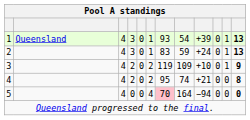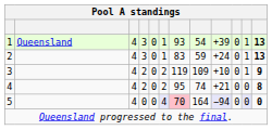 <table class="wikitable" style="text-align:center; font-size:100%;">
 <tr>
 <th colspan="100%" cellpadding="0" cellspacing="0"><strong>Pool A standings</strong></th>
 </tr>
 <tr>
 <th style="padding-right:1px;"></th>
 <th style="width:12em;"></th>
 <th></th>
 <th></th>
 <th></th>
 <th></th>
 <th></th>
 <th></th>
 <th></th>
 <th></th>
 <th></th>
 <th><br></th>
 </tr>
 <tr style="background:#E8FFD8;">
 <td>1</td>
 <td align=left> <a href='#'>Queensland</a></td>
 <td>4</td>
 <td>3</td>
 <td>0</td>
 <td>1</td>
 <td>93</td>
 <td>54</td>
 <td>+39</td>
 <td>0</td>
 <td>1</td>
 <td><strong>13</strong></td>
 </tr>
 <tr>
 <td>2</td>
 <td align=left></td>
 <td>4</td>
 <td>3</td>
 <td>0</td>
 <td>1</td>
 <td>83</td>
 <td>59</td>
 <td>+24</td>
 <td>0</td>
 <td>1</td>
 <td><strong>13</strong></td>
 </tr>
 <tr>
 <td>3</td>
 <td align=left></td>
 <td>4</td>
 <td>2</td>
 <td>0</td>
 <td>2</td>
 <td>119</td>
 <td>109</td>
 <td>+10</td>
 <td>0</td>
 <td>1</td>
 <td><strong>9</strong></td>
 </tr>
 <tr>
 <td>4</td>
 <td align=left></td>
 <td>4</td>
 <td>2</td>
 <td>0</td>
 <td>2</td>
 <td>95</td>
 <td>74</td>
 <td>+21</td>
 <td>0</td>
 <td>0</td>
 <td><strong>8</strong></td>
 </tr>
 <tr>
 <td>5</td>
 <td align=left></td>
 <td>4</td>
 <td>0</td>
 <td>0</td>
-<td>4</td>
+<td style="background: lavender;">4</td>
 <td style="background: pink;">70</td>
 <td>164</td>
-<td>−94</td>
+<td style="background: lavender;">−94</td>
 <td>0</td>
-<td>0</td>
+<td style="background: lavender;">0</td>
 <td><strong>0</strong></td>
 </tr>
 <tr>
 <td colspan="100%"><em><a href='#'>Queensland</a> progressed to the <a href='#'>final</a>.</em></td>
 </tr>
 </table>
